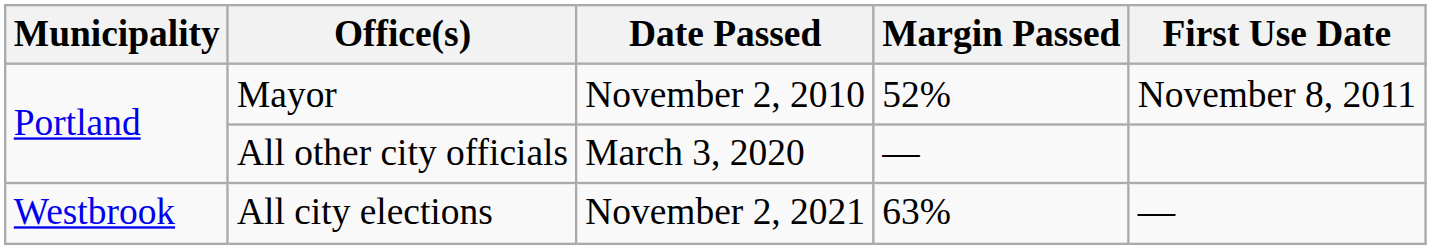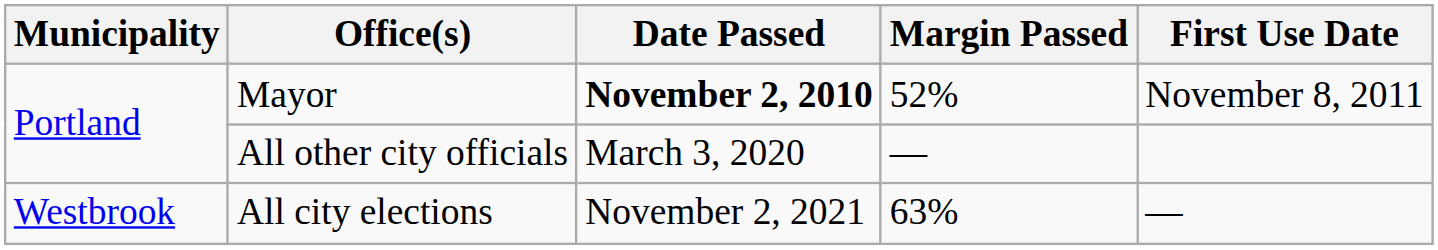 <table class="wikitable">
 <tr>
 <th>Municipality</th>
 <th>Office(s)</th>
 <th>Date Passed</th>
 <th>Margin Passed</th>
 <th>First Use Date</th>
 </tr>
 <tr>
 <td rowspan=2><a href='#'>Portland</a></td>
 <td>Mayor</td>
-<td>November 2, 2010</td>
+<td><strong>November 2, 2010</strong></td>
 <td>52%</td>
 <td>November 8, 2011</td>
 </tr>
 <tr>
 <td>All other city officials</td>
 <td>March 3, 2020</td>
 <td>—</td>
 </tr>
 <tr>
 <td><a href='#'>Westbrook</a></td>
 <td>All city elections</td>
 <td>November 2, 2021</td>
 <td>63%</td>
 <td>—</td>
 </tr>
 </table>
